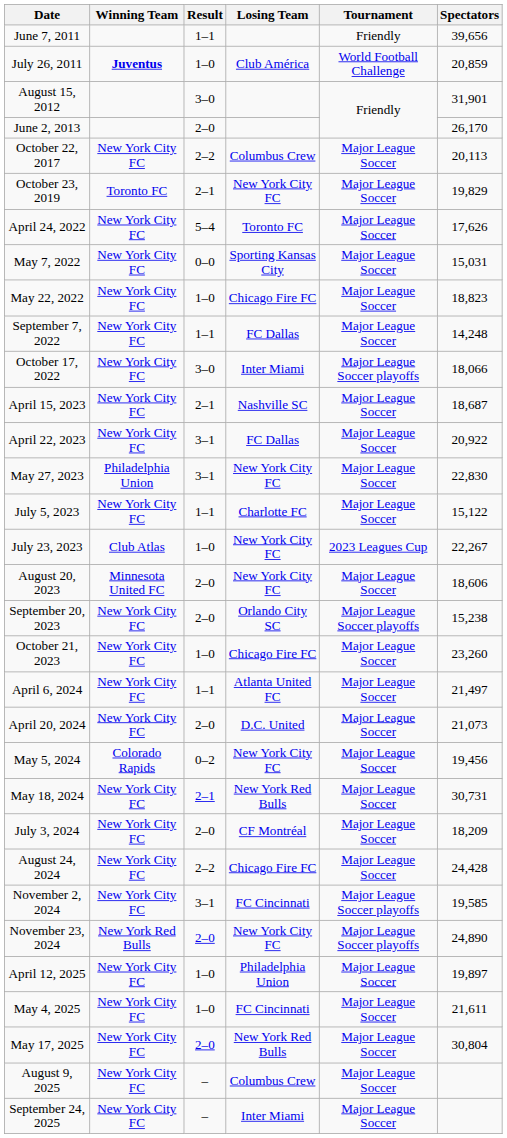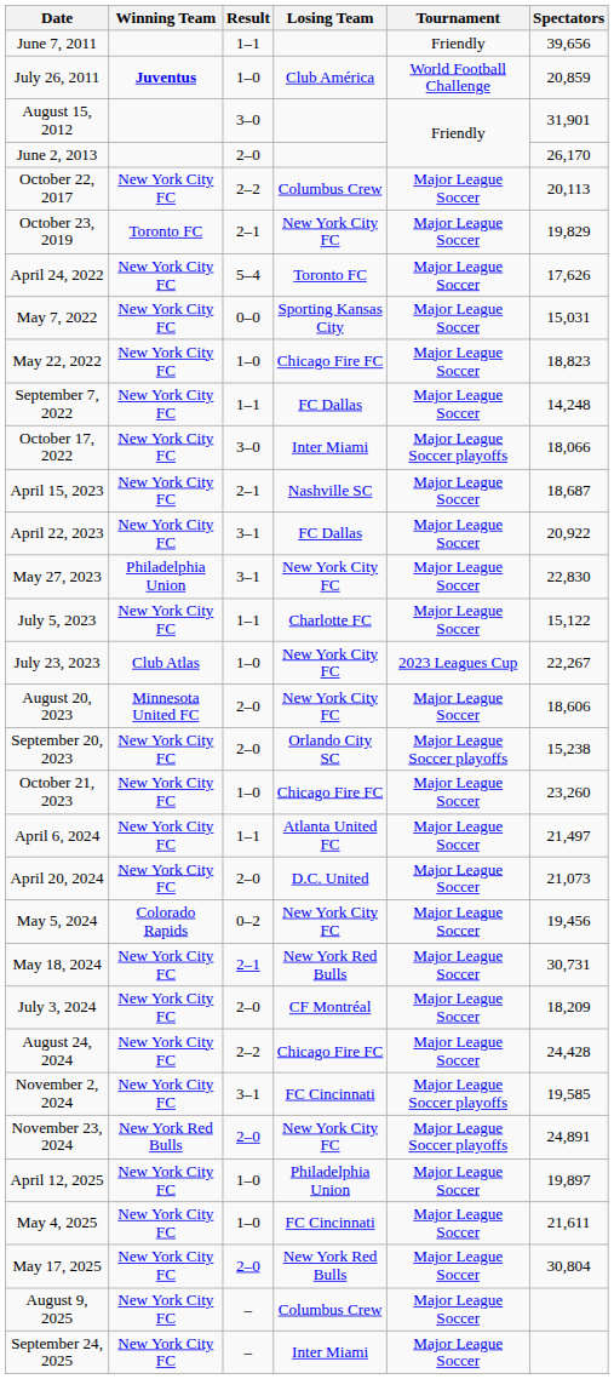 <table class="wikitable" style="text-align:center;">
 <tr>
 <th style="text-align:center; ">Date</th>
 <th style="text-align:center; ">Winning Team</th>
 <th style="text-align:center; ">Result</th>
 <th style="text-align:center; ">Losing Team</th>
 <th style="text-align:center; ">Tournament</th>
 <th style="text-align:center; ">Spectators</th>
 </tr>
 <tr>
 <td style="text-align:center;">June 7, 2011</td>
 <td></td>
 <td style="text-align:center;">1–1</td>
 <td></td>
 <td style="text-align:center;">Friendly</td>
 <td style="text-align:center;">39,656</td>
 </tr>
 <tr>
 <td style="text-align:center;">July 26, 2011</td>
 <td><strong> <a href='#'>Juventus</a></strong></td>
 <td style="text-align:center;">1–0</td>
 <td> <a href='#'>Club América</a></td>
 <td style="text-align:center;"><a href='#'>World Football Challenge</a></td>
 <td style="text-align:center;">20,859</td>
 </tr>
 <tr>
 <td style="text-align:center;">August 15, 2012</td>
 <td><strong></strong></td>
 <td style="text-align:center;">3–0</td>
 <td></td>
 <td rowspan=2 style="text-align:center;">Friendly</td>
 <td style="text-align:center;">31,901</td>
 </tr>
 <tr>
 <td style="text-align:center;">June 2, 2013</td>
 <td><strong></strong></td>
 <td style="text-align:center;">2–0</td>
 <td></td>
 <td style="text-align:center;">26,170</td>
 </tr>
 <tr>
 <td style="text-align:center;">October 22, 2017</td>
 <td> <a href='#'>New York City FC</a></td>
 <td>2–2</td>
 <td> <a href='#'>Columbus Crew</a></td>
 <td style="text-align:center;"><a href='#'>Major League Soccer</a></td>
 <td style="text-align:center;">20,113</td>
 </tr>
 <tr>
 <td style="text-align:center;">October 23, 2019</td>
 <td><strong></strong> <a href='#'>Toronto FC</a></td>
 <td>2–1</td>
 <td> <a href='#'>New York City FC</a></td>
 <td style="text-align:center;"><a href='#'>Major League Soccer</a></td>
 <td style="text-align:center;">19,829</td>
 </tr>
 <tr>
 <td style="text-align:center;">April 24, 2022</td>
 <td><strong></strong> <a href='#'>New York City FC</a></td>
 <td>5–4</td>
 <td> <a href='#'>Toronto FC</a></td>
 <td style="text-align:center;"><a href='#'>Major League Soccer</a></td>
 <td style="text-align:center;">17,626</td>
 </tr>
 <tr>
 <td style="text-align:center;">May 7, 2022</td>
 <td><strong></strong> <a href='#'>New York City FC</a></td>
 <td>0–0</td>
 <td><strong></strong> <a href='#'>Sporting Kansas City</a></td>
 <td style="text-align:center;"><a href='#'>Major League Soccer</a></td>
 <td style="text-align:center;">15,031</td>
 </tr>
 <tr>
 <td style="text-align:center;">May 22, 2022</td>
 <td><strong></strong> <a href='#'>New York City FC</a></td>
 <td>1–0</td>
 <td> <a href='#'>Chicago Fire FC</a></td>
 <td style="text-align:center;"><a href='#'>Major League Soccer</a></td>
 <td style="text-align:center;">18,823</td>
 </tr>
 <tr>
 <td style="text-align:center;">September 7, 2022</td>
 <td> <a href='#'>New York City FC</a></td>
 <td>1–1</td>
 <td> <a href='#'>FC Dallas</a></td>
 <td style="text-align:center;"><a href='#'>Major League Soccer</a></td>
 <td style="text-align:center;">14,248</td>
 </tr>
 <tr>
 <td style="text-align:center;">October 17, 2022</td>
 <td><strong></strong> <a href='#'>New York City FC</a></td>
 <td>3–0</td>
 <td> <a href='#'>Inter Miami</a></td>
 <td style="text-align:center;"><a href='#'>Major League Soccer playoffs</a></td>
 <td style="text-align:center;">18,066</td>
 </tr>
 <tr>
 <td style="text-align:center;">April 15, 2023</td>
 <td><strong></strong> <a href='#'>New York City FC</a></td>
 <td>2–1</td>
 <td> <a href='#'>Nashville SC</a></td>
 <td style="text-align:center;"><a href='#'>Major League Soccer</a></td>
 <td style="text-align:center;">18,687</td>
 </tr>
 <tr>
 <td style="text-align:center;">April 22, 2023</td>
 <td><strong></strong> <a href='#'>New York City FC</a></td>
 <td>3–1</td>
 <td> <a href='#'>FC Dallas</a></td>
 <td style="text-align:center;"><a href='#'>Major League Soccer</a></td>
 <td style="text-align:center;">20,922</td>
 </tr>
 <tr>
 <td style="text-align:center;">May 27, 2023</td>
 <td><strong></strong> <a href='#'>Philadelphia Union</a></td>
 <td>3–1</td>
 <td> <a href='#'>New York City FC</a></td>
 <td style="text-align:center;"><a href='#'>Major League Soccer</a></td>
 <td style="text-align:center;">22,830</td>
 </tr>
 <tr>
 <td style="text-align:center;">July 5, 2023</td>
 <td> <a href='#'>New York City FC</a></td>
 <td>1–1</td>
 <td> <a href='#'>Charlotte FC</a></td>
 <td style="text-align:center;"><a href='#'>Major League Soccer</a></td>
 <td style="text-align:center;">15,122</td>
 </tr>
 <tr>
 <td style="text-align:center;">July 23, 2023</td>
 <td><strong></strong> <a href='#'>Club Atlas</a></td>
 <td>1–0</td>
 <td> <a href='#'>New York City FC</a></td>
 <td style="text-align:center;"><a href='#'>2023 Leagues Cup</a></td>
 <td style="text-align:center;">22,267</td>
 </tr>
 <tr>
 <td style="text-align:center;">August 20, 2023</td>
 <td><strong></strong> <a href='#'>Minnesota United FC</a></td>
 <td>2–0</td>
 <td> <a href='#'>New York City FC</a></td>
 <td style="text-align:center;"><a href='#'>Major League Soccer</a></td>
 <td style="text-align:center;">18,606</td>
 </tr>
 <tr>
 <td style="text-align:center;">September 20, 2023</td>
 <td><strong></strong> <a href='#'>New York City FC</a></td>
 <td>2–0</td>
 <td> <a href='#'>Orlando City SC</a></td>
 <td style="text-align:center;"><a href='#'>Major League Soccer playoffs</a></td>
 <td style="text-align:center;">15,238</td>
 </tr>
 <tr>
 <td style="text-align:center;">October 21, 2023</td>
 <td><strong></strong> <a href='#'>New York City FC</a></td>
 <td>1–0</td>
 <td> <a href='#'>Chicago Fire FC</a></td>
 <td style="text-align:center;"><a href='#'>Major League Soccer</a></td>
 <td style="text-align:center;">23,260</td>
 </tr>
 <tr>
 <td style="text-align:center;">April 6, 2024</td>
 <td> <a href='#'>New York City FC</a></td>
 <td>1–1</td>
 <td> <a href='#'>Atlanta United FC</a></td>
 <td style="text-align:center;"><a href='#'>Major League Soccer</a></td>
 <td style="text-align:center;">21,497</td>
 </tr>
 <tr>
 <td style="text-align:center;">April 20, 2024</td>
 <td><strong></strong> <a href='#'>New York City FC</a></td>
 <td>2–0</td>
 <td> <a href='#'>D.C. United</a></td>
 <td style="text-align:center;"><a href='#'>Major League Soccer</a></td>
 <td style="text-align:center;">21,073</td>
 </tr>
 <tr>
 <td style="text-align:center;">May 5, 2024</td>
 <td><strong></strong> <a href='#'>Colorado Rapids</a></td>
 <td>0–2</td>
 <td><strong></strong> <a href='#'>New York City FC</a></td>
 <td style="text-align:center;"><a href='#'>Major League Soccer</a></td>
 <td style="text-align:center;">19,456</td>
 </tr>
 <tr>
 <td style="text-align:center;">May 18, 2024</td>
 <td><strong></strong> <a href='#'>New York City FC</a></td>
 <td><a href='#'>2–1</a></td>
 <td> <a href='#'>New York Red Bulls</a></td>
 <td style="text-align:center;"><a href='#'>Major League Soccer</a></td>
 <td style="text-align:center;">30,731</td>
 </tr>
 <tr>
 <td style="text-align:center;">July 3, 2024</td>
 <td><strong></strong> <a href='#'>New York City FC</a></td>
 <td>2–0</td>
 <td> <a href='#'>CF Montréal</a></td>
 <td style="text-align:center;"><a href='#'>Major League Soccer</a></td>
 <td style="text-align:center;">18,209</td>
 </tr>
 <tr>
 <td style="text-align:center;">August 24, 2024</td>
 <td> <a href='#'>New York City FC</a></td>
 <td>2–2</td>
 <td> <a href='#'>Chicago Fire FC</a></td>
 <td style="text-align:center;"><a href='#'>Major League Soccer</a></td>
 <td style="text-align:center;">24,428</td>
 </tr>
 <tr>
 <td style="text-align:center;">November 2, 2024</td>
 <td><strong></strong> <a href='#'>New York City FC</a></td>
 <td>3–1</td>
 <td> <a href='#'>FC Cincinnati</a></td>
 <td style="text-align:center;"><a href='#'>Major League Soccer playoffs</a></td>
 <td style="text-align:center;">19,585</td>
 </tr>
 <tr>
 <td style="text-align:center;">November 23, 2024</td>
 <td><strong></strong> <a href='#'>New York Red Bulls</a></td>
 <td><a href='#'>2–0</a></td>
 <td> <a href='#'>New York City FC</a></td>
 <td style="text-align:center;"><a href='#'>Major League Soccer playoffs</a></td>
-<td style="text-align:center;">24,890</td>
+<td style="text-align:center;">24,891</td>
 </tr>
 <tr>
 <td style="text-align:center;">April 12, 2025</td>
 <td> <a href='#'>New York City FC</a></td>
 <td>1–0</td>
 <td> <a href='#'>Philadelphia Union</a></td>
 <td style="text-align:center;"><a href='#'>Major League Soccer</a></td>
 <td style="text-align:center;">19,897</td>
 </tr>
 <tr>
 <td style="text-align:center;">May 4, 2025</td>
 <td> <a href='#'>New York City FC</a></td>
 <td>1–0</td>
 <td> <a href='#'>FC Cincinnati</a></td>
 <td style="text-align:center;"><a href='#'>Major League Soccer</a></td>
 <td style="text-align:center;">21,611</td>
 </tr>
 <tr>
 <td style="text-align:center;">May 17, 2025</td>
 <td><strong></strong> <a href='#'>New York City FC</a></td>
 <td><a href='#'>2–0</a></td>
 <td> <a href='#'>New York Red Bulls</a></td>
 <td style="text-align:center;"><a href='#'>Major League Soccer</a></td>
 <td style="text-align:center;">30,804</td>
 </tr>
 <tr>
 <td style="text-align:center;">August 9, 2025</td>
 <td> <a href='#'>New York City FC</a></td>
 <td>–</td>
 <td> <a href='#'>Columbus Crew</a></td>
 <td style="text-align:center;"><a href='#'>Major League Soccer</a></td>
 <td style="text-align:center;"></td>
 </tr>
 <tr>
 <td style="text-align:center;">September 24, 2025</td>
 <td> <a href='#'>New York City FC</a></td>
 <td>–</td>
 <td> <a href='#'>Inter Miami</a></td>
 <td style="text-align:center;"><a href='#'>Major League Soccer</a></td>
 <td style="text-align:center;"></td>
 </tr>
 </table>
